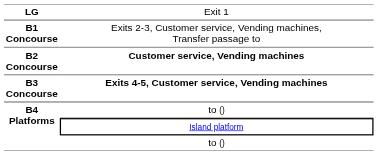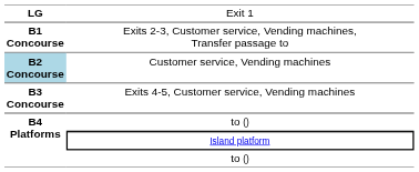 <table table border=0 cellspacing=0 cellpadding=3>
 <tr>
 <td style="border-bottom:solid 1px gray; border-top:solid 1px gray;text-align:center" valign=top><strong>LG</strong></td>
 <td style="border-bottom:solid 1px gray; border-top:solid 1px gray;text-align:center;" valign=top width=500>Exit 1</td>
 </tr>
 <tr>
 <td style="border-bottom:solid 1px gray; border-top:solid 1px gray;text-align:center" valign=top><strong>B1<br>Concourse</strong></td>
 <td style="border-bottom:solid 1px gray; border-top:solid 1px gray;text-align:center;" valign=top width=500>Exits 2-3, Customer service, Vending machines,<br>Transfer passage to </td>
 </tr>
 <tr>
-<td style="border-bottom:solid 1px gray; border-top:solid 1px gray;text-align:center" valign=top><strong>B2<br>Concourse</strong></td>
-<td style="border-bottom:solid 1px gray; border-top:solid 1px gray;text-align:center;" valign=top width=500><strong>Customer service, Vending machines</strong></td>
+<td style="background: lightblue; border-bottom:solid 1px gray; border-top:solid 1px gray;text-align:center" valign=top><strong>B2<br>Concourse</strong></td>
+<td style="border-bottom:solid 1px gray; border-top:solid 1px gray;text-align:center;" valign=top width=500>Customer service, Vending machines</td>
 </tr>
 <tr>
 <td style="border-bottom:solid 1px gray; border-top:solid 1px gray;text-align:center" valign=top><strong>B3<br>Concourse</strong></td>
-<td style="border-bottom:solid 1px gray; border-top:solid 1px gray;text-align:center;" valign=top width=500><strong>Exits 4-5, Customer service, Vending machines</strong></td>
+<td style="border-bottom:solid 1px gray; border-top:solid 1px gray;text-align:center;" valign=top width=500>Exits 4-5, Customer service, Vending machines</td>
 </tr>
 <tr>
 <td style="border-bottom:solid 1px gray; border-top:solid 1px gray;text-align:center" rowspan="3" valign=top><strong>B4<br>Platforms</strong></td>
 <td style="border-bottom:solid 1px gray; border-top:solid 1px gray;text-align:center;">  to  <small>()</small></td>
 </tr>
 <tr>
 <td style="border-right:solid 2px black;border-left:solid 2px black;border-top:solid 2px black;border-bottom:solid 2px black;text-align:center;" colspan=2><small><a href='#'>Island platform</a></small></td>
 </tr>
 <tr>
 <td style="border-bottom:solid 1px gray;text-align:center;"> to  <small>()</small> </td>
 </tr>
 </table>
